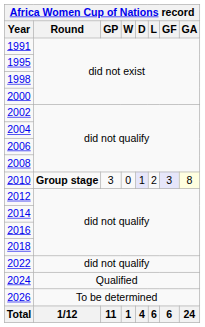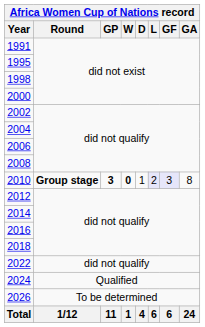 <table class="wikitable" style="text-align: center;">
 <tr>
 <th colspan=8><a href='#'>Africa Women Cup of Nations</a> record</th>
 </tr>
 <tr>
 <th>Year</th>
 <th>Round</th>
 <th>GP</th>
 <th>W</th>
 <th>D</th>
 <th>L</th>
 <th>GF</th>
 <th>GA</th>
 </tr>
 <tr>
 <td><a href='#'>1991</a></td>
 <td colspan=8 rowspan=4>did not exist</td>
 </tr>
 <tr>
 <td><a href='#'>1995</a></td>
 </tr>
 <tr>
 <td> <a href='#'>1998</a></td>
 </tr>
 <tr>
 <td> <a href='#'>2000</a></td>
 </tr>
 <tr>
 <td> <a href='#'>2002</a></td>
 <td colspan=8 rowspan=4>did not qualify</td>
 </tr>
 <tr>
 <td><a href='#'>2004</a></td>
 </tr>
 <tr>
 <td> <a href='#'>2006</a></td>
 </tr>
 <tr>
 <td> <a href='#'>2008</a></td>
 </tr>
 <tr>
 <td> <a href='#'>2010</a></td>
 <td><strong>Group stage</strong></td>
-<td>3</td>
-<td>0</td>
-<td style="background: lavender;">1</td>
-<td>2</td>
+<td><strong>3</strong></td>
+<td><strong>0</strong></td>
+<td>1</td>
+<td style="background: lavender;">2</td>
 <td style="background: lavender;">3</td>
-<td style="background: lightyellow;">8</td>
+<td>8</td>
 </tr>
 <tr>
 <td> <a href='#'>2012</a></td>
 <td colspan=8 rowspan=4>did not qualify</td>
 </tr>
 <tr>
 <td> <a href='#'>2014</a></td>
 </tr>
 <tr>
 <td> <a href='#'>2016</a></td>
 </tr>
 <tr>
 <td> <a href='#'>2018</a></td>
 </tr>
 <tr>
 <td> <a href='#'>2022</a></td>
 <td colspan=8>did not qualify</td>
 </tr>
 <tr>
 <td> <a href='#'>2024</a></td>
 <td colspan=8>Qualified</td>
 </tr>
 <tr>
 <td> <a href='#'>2026</a></td>
 <td colspan=8>To be determined</td>
 </tr>
 <tr>
 <th>Total</th>
 <th>1/12</th>
 <th>11</th>
 <th>1</th>
 <th>4</th>
 <th>6</th>
 <th>6</th>
 <th>24</th>
 </tr>
 </table>
